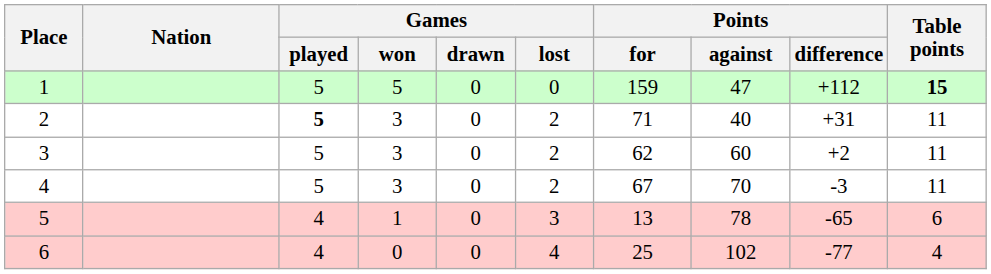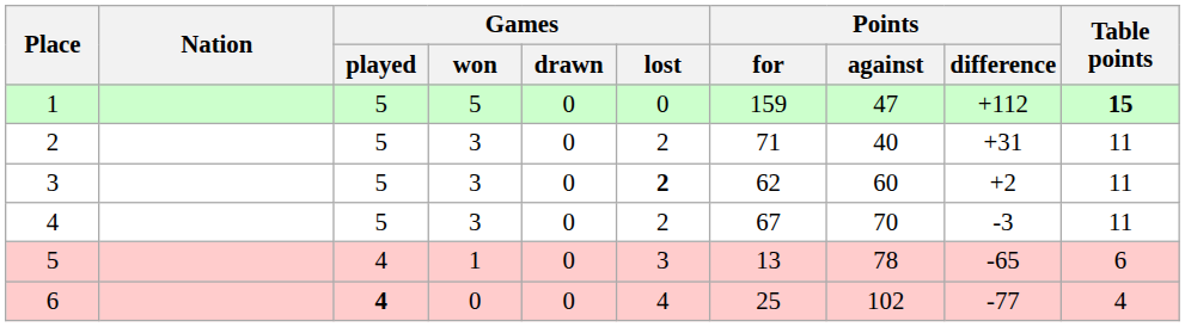 <table class="wikitable">
 <tr>
 <th rowspan=2 width="8%">Place</th>
 <th rowspan=2 width="20%">Nation</th>
 <th colspan=4 width="32%">Games</th>
 <th colspan=3 width="30%">Points</th>
 <th rowspan=2 width="10%">Table<br>points</th>
 </tr>
 <tr>
 <th width="8%">played</th>
 <th width="8%">won</th>
 <th width="8%">drawn</th>
 <th width="8%">lost</th>
 <th width="10%">for</th>
 <th width="10%">against</th>
 <th width="10%">difference</th>
 </tr>
 <tr bgcolor=#ccffcc align=center>
 <td>1</td>
 <td align=left><strong></strong></td>
 <td>5</td>
 <td>5</td>
 <td>0</td>
 <td>0</td>
 <td>159</td>
 <td>47</td>
 <td>+112</td>
 <td><strong>15</strong></td>
 </tr>
 <tr bgcolor=#ffffff align=center>
 <td>2</td>
 <td align=left></td>
-<td><strong>5</strong></td>
+<td>5</td>
 <td>3</td>
 <td>0</td>
 <td>2</td>
 <td>71</td>
 <td>40</td>
 <td>+31</td>
 <td>11</td>
 </tr>
 <tr bgcolor=#ffffff align=center>
 <td>3</td>
 <td align=left></td>
 <td>5</td>
 <td>3</td>
 <td>0</td>
-<td>2</td>
+<td><strong>2</strong></td>
 <td>62</td>
 <td>60</td>
 <td>+2</td>
 <td>11</td>
 </tr>
 <tr bgcolor=#ffffff align=center>
 <td>4</td>
 <td align=left></td>
 <td>5</td>
 <td>3</td>
 <td>0</td>
 <td>2</td>
 <td>67</td>
 <td>70</td>
 <td>-3</td>
 <td>11</td>
 </tr>
 <tr bgcolor=#ffcccc align=center>
 <td>5</td>
 <td align=left></td>
 <td>4</td>
 <td>1</td>
 <td>0</td>
 <td>3</td>
 <td>13</td>
 <td>78</td>
 <td>-65</td>
 <td>6</td>
 </tr>
 <tr bgcolor=#ffcccc align=center>
 <td>6</td>
 <td align=left></td>
-<td>4</td>
+<td><strong>4</strong></td>
 <td>0</td>
 <td>0</td>
 <td>4</td>
 <td>25</td>
 <td>102</td>
 <td>-77</td>
 <td>4</td>
 </tr>
 </table>
